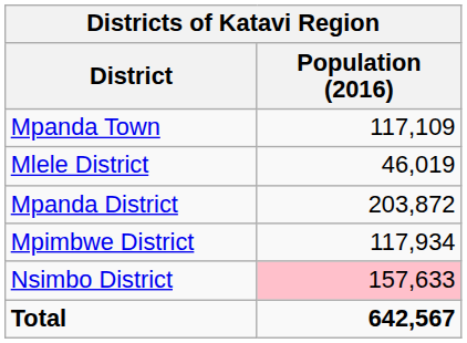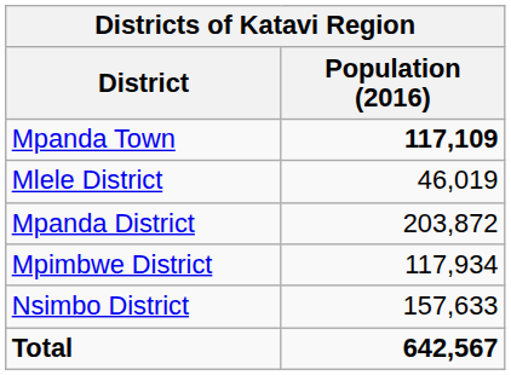 <table class="wikitable">
 <tr>
 <th colspan="5">Districts of Katavi Region</th>
 </tr>
 <tr style="text-align:center;">
 <th style="width: 10em">District</th>
 <th style="width: 8em">Population<br>(2016)</th>
 </tr>
 <tr>
 <td><a href='#'>Mpanda Town</a></td>
-<td style="text-align:right;">117,109</td>
+<td style="text-align:right;"><strong>117,109</strong></td>
 </tr>
 <tr>
 <td><a href='#'>Mlele District</a></td>
 <td style="text-align:right;">46,019</td>
 </tr>
 <tr>
 <td><a href='#'>Mpanda District</a></td>
 <td style="text-align:right;">203,872</td>
 </tr>
 <tr>
 <td><a href='#'>Mpimbwe District</a></td>
 <td style="text-align:right;">117,934</td>
 </tr>
 <tr>
 <td><a href='#'>Nsimbo District</a></td>
-<td style="background: pink; text-align:right;">157,633</td>
+<td style="text-align:right;">157,633</td>
 </tr>
 <tr>
 <td><strong>Total</strong></td>
 <td style="text-align:right;"><strong>642,567</strong></td>
 </tr>
 </table>
